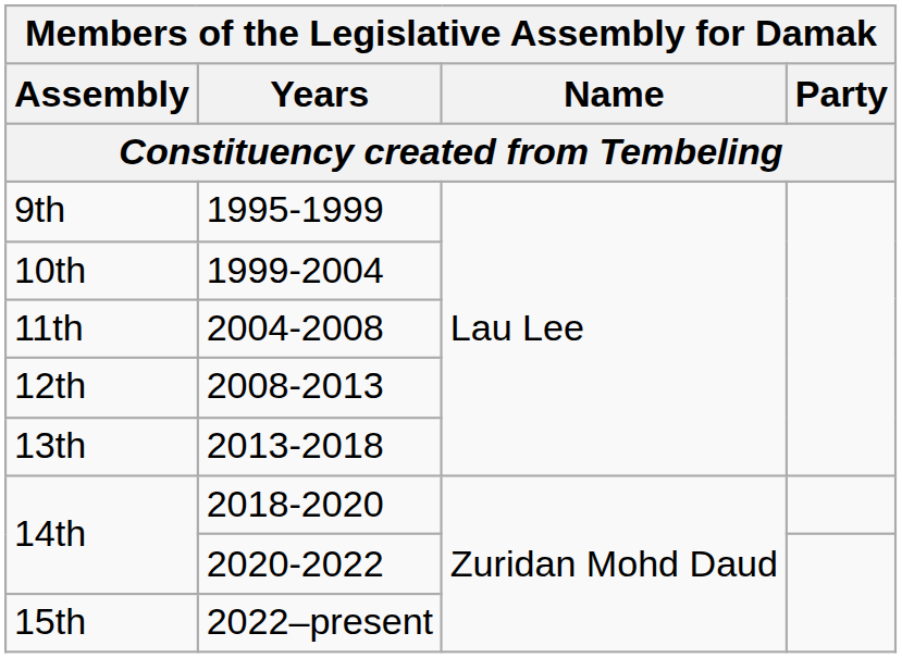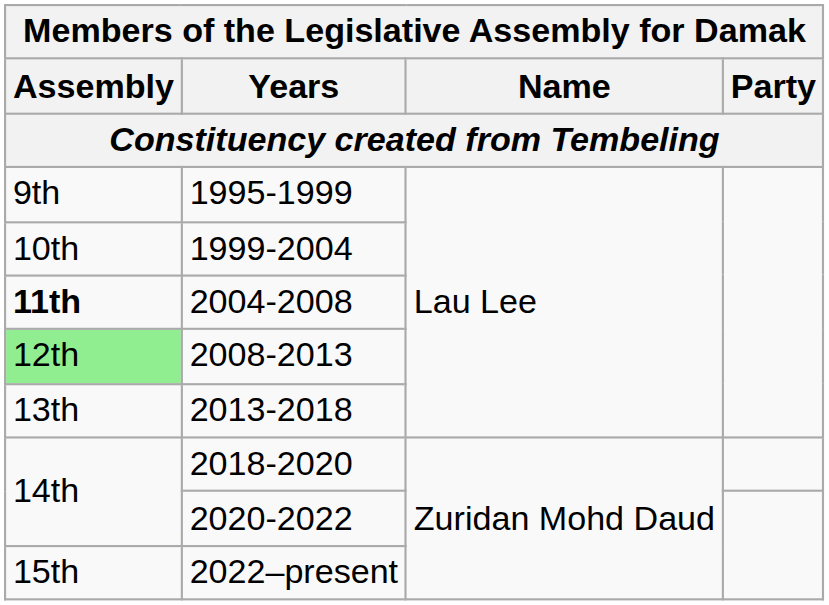 <table class="wikitable">
 <tr>
 <th colspan="4">Members of the Legislative Assembly for Damak</th>
 </tr>
 <tr>
 <th>Assembly</th>
 <th>Years</th>
 <th>Name</th>
 <th>Party</th>
 </tr>
 <tr>
 <th colspan="4"><em>Constituency created from Tembeling</em></th>
 </tr>
 <tr>
 <td>9th</td>
 <td>1995-1999</td>
 <td rowspan="5">Lau Lee</td>
 <td rowspan="5"></td>
 </tr>
 <tr>
 <td>10th</td>
 <td>1999-2004</td>
 </tr>
 <tr>
-<td>11th</td>
+<td><strong>11th</strong></td>
 <td>2004-2008</td>
 </tr>
 <tr>
-<td>12th</td>
+<td style="background: lightgreen;">12th</td>
 <td>2008-2013</td>
 </tr>
 <tr>
 <td>13th</td>
 <td>2013-2018</td>
 </tr>
 <tr>
 <td rowspan="2">14th</td>
 <td>2018-2020</td>
 <td rowspan="3">Zuridan Mohd Daud</td>
 <td></td>
 </tr>
 <tr>
 <td>2020-2022</td>
 <td rowspan="2"></td>
 </tr>
 <tr>
 <td>15th</td>
 <td>2022–present</td>
 </tr>
 </table>
